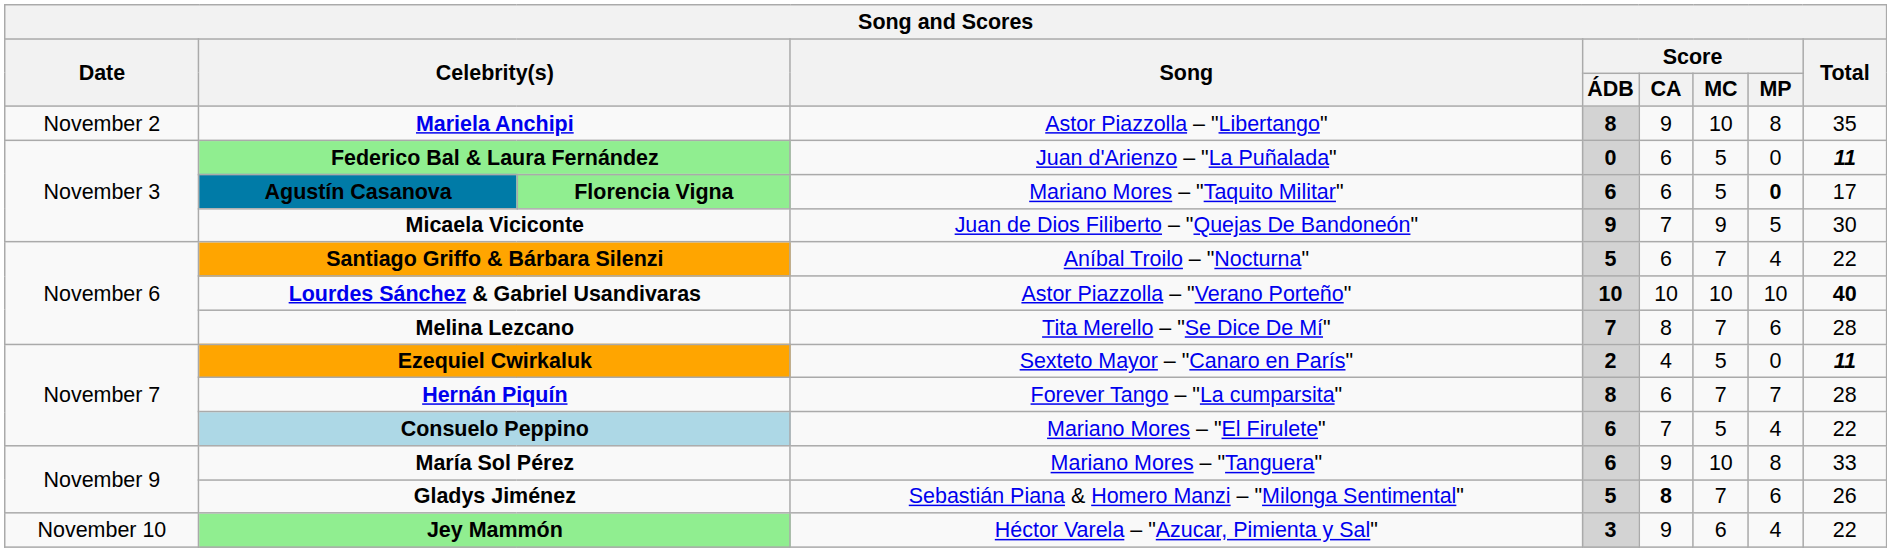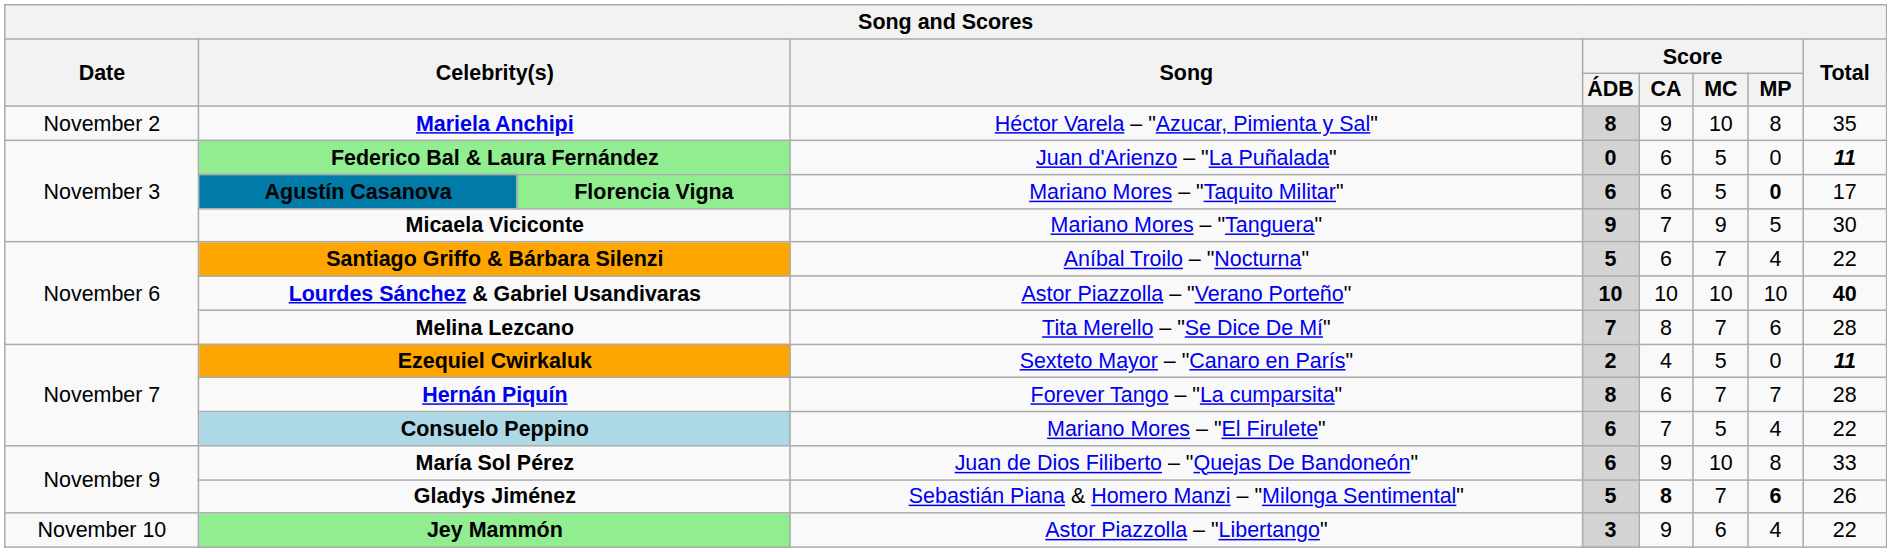 <table class="wikitable collapsible collapsed" style="font-size:90%; text-align: center; width: 100%;">
 <tr>
 <th colspan="11" style="with: 100%;" align=center>Song and Scores</th>
 </tr>
 <tr>
 <th rowspan="2">Date</th>
 <th rowspan="2" colspan="2">Celebrity(s)</th>
 <th rowspan="2">Song</th>
 <th colspan="4">Score</th>
 <th rowspan="2">Total</th>
 </tr>
 <tr>
 <th width=30>ÁDB</th>
 <th width=30>CA</th>
 <th width=30>MC</th>
 <th width=30>MP</th>
 </tr>
 <tr>
 <td rowspan="1">November 2</td>
 <td colspan="2" bgcolor=""><strong><a href='#'>Mariela Anchipi</a></strong></td>
-<td><a href='#'>Astor Piazzolla</a> – "<a href='#'>Libertango</a>"</td>
+<td><a href='#'>Héctor Varela</a> – "<a href='#'>Azucar, Pimienta y Sal</a>"</td>
 <td bgcolor="lightgrey"><strong>8</strong></td>
 <td>9</td>
 <td>10</td>
 <td>8</td>
 <td>35</td>
 </tr>
 <tr>
 <td rowspan="3">November 3</td>
 <td colspan="2" bgcolor="lightgreen"><strong>Federico Bal & Laura Fernández</strong></td>
 <td><a href='#'>Juan d'Arienzo</a> – "<a href='#'>La Puñalada</a>"</td>
 <td bgcolor="lightgrey"><strong>0</strong></td>
 <td>6</td>
 <td>5</td>
 <td>0</td>
 <td><span><strong><em>11</em></strong></span></td>
 </tr>
 <tr>
 <td bgcolor="#007BA7"><strong>Agustín Casanova</strong></td>
 <td bgcolor="lightgreen"><strong>Florencia Vigna</strong></td>
 <td><a href='#'>Mariano Mores</a> – "<a href='#'>Taquito Militar</a>"</td>
 <td bgcolor="lightgrey"><strong>6</strong></td>
 <td>6</td>
 <td>5</td>
 <td><strong>0</strong></td>
 <td>17</td>
 </tr>
 <tr>
 <td colspan="2" bgcolor=""><strong>Micaela Viciconte</strong></td>
-<td><a href='#'>Juan de Dios Filiberto</a> – "<a href='#'>Quejas De Bandoneón</a>"</td>
+<td><a href='#'>Mariano Mores</a> – "<a href='#'>Tanguera</a>"</td>
 <td bgcolor="lightgrey"><strong>9</strong></td>
 <td>7</td>
 <td>9</td>
 <td>5</td>
 <td>30</td>
 </tr>
 <tr>
 <td rowspan="3">November 6</td>
 <td colspan="2" bgcolor="orange"><strong>Santiago Griffo & Bárbara Silenzi</strong></td>
 <td><a href='#'>Aníbal Troilo</a> – "<a href='#'>Nocturna</a>"</td>
 <td bgcolor="lightgrey"><strong>5</strong></td>
 <td>6</td>
 <td>7</td>
 <td>4</td>
 <td>22</td>
 </tr>
 <tr>
 <td colspan="2" bgcolor=""><strong><a href='#'>Lourdes Sánchez</a> & Gabriel Usandivaras</strong></td>
 <td><a href='#'>Astor Piazzolla</a> – "<a href='#'>Verano Porteño</a>"</td>
 <td bgcolor="lightgrey"><strong>10</strong></td>
 <td>10</td>
 <td>10</td>
 <td>10</td>
 <td><span><strong>40</strong></span></td>
 </tr>
 <tr>
 <td colspan="2" bgcolor=""><strong>Melina Lezcano</strong></td>
 <td><a href='#'>Tita Merello</a> – "<a href='#'>Se Dice De Mí</a>"</td>
 <td bgcolor="lightgrey"><strong>7</strong></td>
 <td>8</td>
 <td>7</td>
 <td>6</td>
 <td>28</td>
 </tr>
 <tr>
 <td rowspan="3">November 7</td>
 <td colspan="2" bgcolor="orange"><strong>Ezequiel Cwirkaluk</strong></td>
 <td><a href='#'>Sexteto Mayor</a> – "<a href='#'>Canaro en París</a>"</td>
 <td bgcolor="lightgrey"><strong>2</strong></td>
 <td>4</td>
 <td>5</td>
 <td>0</td>
 <td><span><strong><em>11</em></strong></span></td>
 </tr>
 <tr>
 <td colspan="2" bgcolor=""><strong><a href='#'>Hernán Piquín</a></strong></td>
 <td><a href='#'>Forever Tango</a> – "<a href='#'>La cumparsita</a>"</td>
 <td bgcolor="lightgrey"><strong>8</strong></td>
 <td>6</td>
 <td>7</td>
 <td>7</td>
 <td>28</td>
 </tr>
 <tr>
 <td colspan="2" bgcolor="lightblue"><strong>Consuelo Peppino</strong></td>
 <td><a href='#'>Mariano Mores</a> – "<a href='#'>El Firulete</a>"</td>
 <td bgcolor="lightgrey"><strong>6</strong></td>
 <td>7</td>
 <td>5</td>
 <td>4</td>
 <td>22</td>
 </tr>
 <tr>
 <td rowspan="2">November 9</td>
 <td colspan="2" bgcolor=""><strong>María Sol Pérez</strong></td>
-<td><a href='#'>Mariano Mores</a> – "<a href='#'>Tanguera</a>"</td>
+<td><a href='#'>Juan de Dios Filiberto</a> – "<a href='#'>Quejas De Bandoneón</a>"</td>
 <td bgcolor="lightgrey"><strong>6</strong></td>
 <td>9</td>
 <td>10</td>
 <td>8</td>
 <td>33</td>
 </tr>
 <tr>
 <td colspan="2" bgcolor=""><strong>Gladys Jiménez</strong></td>
 <td><a href='#'>Sebastián Piana</a> & <a href='#'>Homero Manzi</a> – "<a href='#'>Milonga Sentimental</a>"</td>
 <td bgcolor="lightgrey"><strong>5</strong></td>
 <td><strong>8</strong></td>
 <td>7</td>
-<td>6</td>
+<td><strong>6</strong></td>
 <td>26</td>
 </tr>
 <tr>
 <td rowspan="2">November 10</td>
 <td colspan="2" bgcolor="lightgreen"><strong>Jey Mammón</strong></td>
-<td><a href='#'>Héctor Varela</a> – "<a href='#'>Azucar, Pimienta y Sal</a>"</td>
+<td><a href='#'>Astor Piazzolla</a> – "<a href='#'>Libertango</a>"</td>
 <td bgcolor="lightgrey"><strong>3</strong></td>
 <td>9</td>
 <td>6</td>
 <td>4</td>
 <td>22</td>
 </tr>
 </table>
